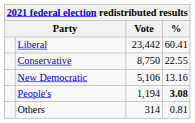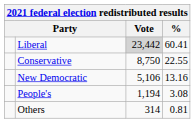 <table class="wikitable">
 <tr>
 <th colspan="4"><a href='#'>2021 federal election</a> redistributed results</th>
 </tr>
 <tr>
 <th bgcolor="#DDDDFF" width="130px" colspan="2">Party</th>
 <th bgcolor="#DDDDFF" width="50px">Vote</th>
 <th bgcolor="#DDDDFF" width="30px">%</th>
 </tr>
 <tr>
 <td> </td>
 <td><a href='#'>Liberal</a></td>
-<td align=right>23,442</td>
+<td align=right style="background: lightgrey;">23,442</td>
 <td align=right>60.41</td>
 </tr>
 <tr>
 <td> </td>
 <td><a href='#'>Conservative</a></td>
 <td align=right>8,750</td>
 <td align=right>22.55</td>
 </tr>
 <tr>
 <td> </td>
 <td><a href='#'>New Democratic</a></td>
 <td align=right>5,106</td>
 <td align=right>13.16</td>
 </tr>
 <tr>
 <td> </td>
 <td><a href='#'>People's</a></td>
 <td align=right>1,194</td>
-<td align=right><strong>3.08</strong></td>
+<td align=right>3.08</td>
 </tr>
 <tr>
 <td> </td>
 <td>Others</td>
 <td align=right>314</td>
 <td align=right>0.81</td>
 </tr>
 </table>
